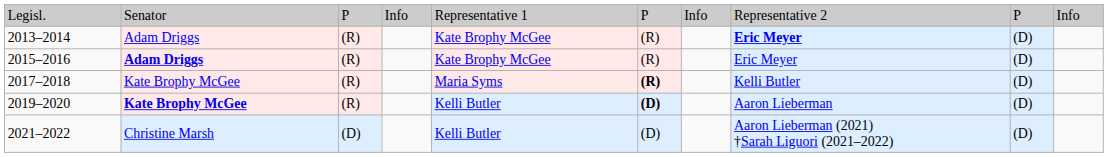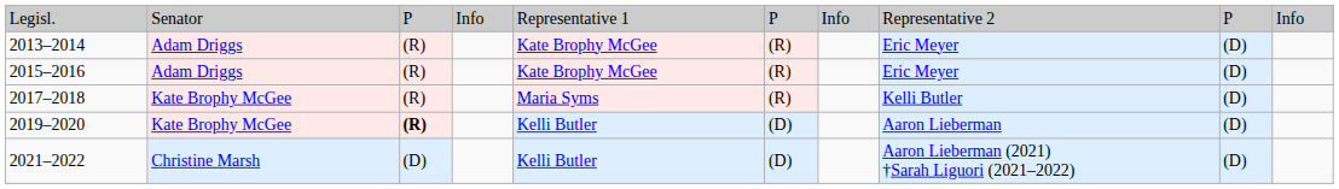 <table class=wikitable width="100%" border="1">
 <tr style="background-color:#cccccc;">
 <td>Legisl.</td>
 <td>Senator</td>
 <td>P</td>
 <td>Info</td>
 <td>Representative 1</td>
 <td>P</td>
 <td>Info</td>
 <td>Representative 2</td>
 <td>P</td>
 <td>Info</td>
 </tr>
 <tr>
 <td>2013–2014</td>
 <td style="background:#FFE8E8"><a href='#'>Adam Driggs</a></td>
 <td style="background:#FFE8E8">(R)</td>
 <td></td>
 <td style="background:#FFE8E8"><a href='#'>Kate Brophy McGee</a></td>
 <td style="background:#FFE8E8">(R)</td>
 <td></td>
-<td style="background:#DDEEFF"><strong><a href='#'>Eric Meyer</a></strong></td>
+<td style="background:#DDEEFF"><a href='#'>Eric Meyer</a></td>
 <td style="background:#DDEEFF">(D)</td>
 <td></td>
 </tr>
 <tr>
 <td>2015–2016</td>
-<td style="background:#FFE8E8"><strong><a href='#'>Adam Driggs</a></strong></td>
+<td style="background:#FFE8E8"><a href='#'>Adam Driggs</a></td>
 <td style="background:#FFE8E8">(R)</td>
 <td></td>
 <td style="background:#FFE8E8"><a href='#'>Kate Brophy McGee</a></td>
 <td style="background:#FFE8E8">(R)</td>
 <td></td>
 <td style="background:#DDEEFF"><a href='#'>Eric Meyer</a></td>
 <td style="background:#DDEEFF">(D)</td>
 <td></td>
 </tr>
 <tr>
 <td>2017–2018</td>
 <td style="background:#FFE8E8"><a href='#'>Kate Brophy McGee</a></td>
 <td style="background:#FFE8E8">(R)</td>
 <td></td>
 <td style="background:#FFE8E8"><a href='#'>Maria Syms</a></td>
-<td style="background:#FFE8E8"><strong>(R)</strong></td>
+<td style="background:#FFE8E8">(R)</td>
 <td></td>
 <td style="background:#DDEEFF"><a href='#'>Kelli Butler</a></td>
 <td style="background:#DDEEFF">(D)</td>
 <td></td>
 </tr>
 <tr>
 <td>2019–2020</td>
-<td style="background:#FFE8E8"><strong><a href='#'>Kate Brophy McGee</a></strong></td>
-<td style="background:#FFE8E8">(R)</td>
+<td style="background:#FFE8E8"><a href='#'>Kate Brophy McGee</a></td>
+<td style="background:#FFE8E8"><strong>(R)</strong></td>
 <td></td>
 <td style="background:#DDEEFF"><a href='#'>Kelli Butler</a></td>
-<td style="background:#DDEEFF"><strong>(D)</strong></td>
+<td style="background:#DDEEFF">(D)</td>
 <td></td>
 <td style="background:#DDEEFF"><a href='#'>Aaron Lieberman</a></td>
 <td style="background:#DDEEFF">(D)</td>
 <td></td>
 </tr>
 <tr>
 <td>2021–2022</td>
 <td style="background:#DDEEFF"><a href='#'>Christine Marsh</a></td>
 <td style="background:#DDEEFF">(D)</td>
 <td></td>
 <td style="background:#DDEEFF"><a href='#'>Kelli Butler</a></td>
 <td style="background:#DDEEFF">(D)</td>
 <td></td>
 <td style="background:#DDEEFF"><a href='#'>Aaron Lieberman</a> (2021)<br>†<a href='#'>Sarah Liguori</a> (2021–2022)</td>
 <td style="background:#DDEEFF">(D)</td>
 <td></td>
 </tr>
 </table>
